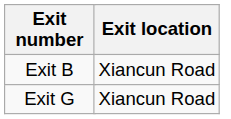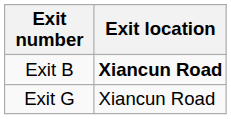 <table class="wikitable">
 <tr>
 <th colspan="2" style="width:70px">Exit number</th>
 <th>Exit location</th>
 </tr>
 <tr>
 <td colspan="2" align="center">Exit B</td>
-<td>Xiancun Road</td>
+<td><strong>Xiancun Road</strong></td>
 </tr>
 <tr>
 <td colspan="2" align="center">Exit G</td>
 <td>Xiancun Road</td>
 </tr>
 </table>
